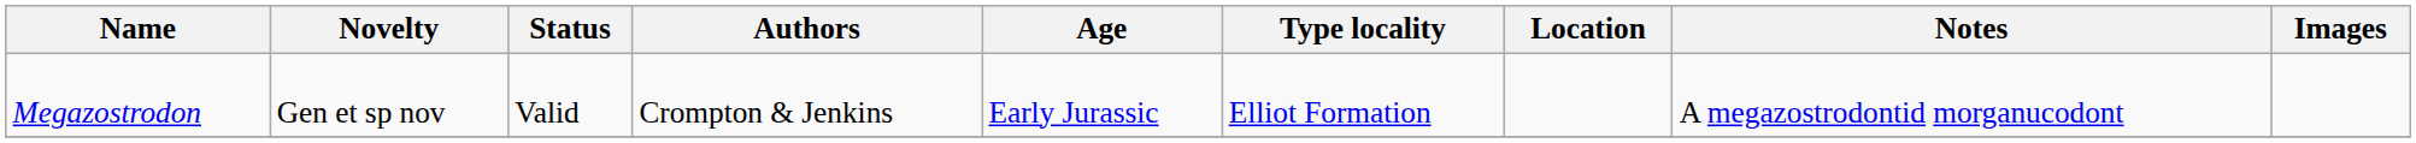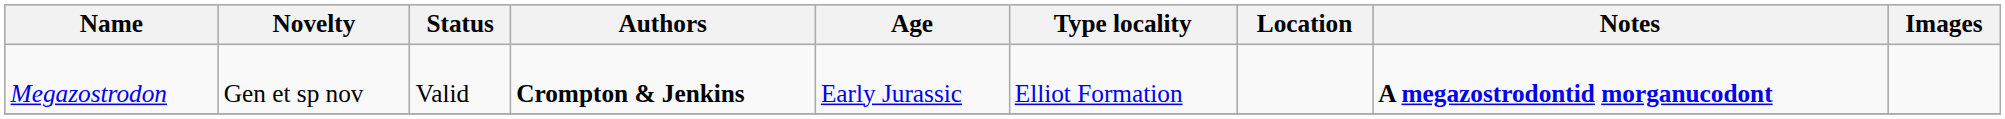 <table class="wikitable sortable" align="center" width="100%">
 <tr>
 <th>Name</th>
 <th>Novelty</th>
 <th>Status</th>
 <th>Authors</th>
 <th>Age</th>
 <th>Type locality</th>
 <th>Location</th>
 <th>Notes</th>
 <th>Images</th>
 </tr>
 <tr>
 <td><br><em><a href='#'>Megazostrodon</a></em></td>
 <td><br>Gen et sp nov</td>
 <td><br>Valid</td>
-<td><br>Crompton & Jenkins</td>
+<td><strong><br>Crompton & Jenkins</strong></td>
 <td><br><a href='#'>Early Jurassic</a></td>
 <td><br><a href='#'>Elliot Formation</a></td>
 <td><br></td>
-<td><br>A <a href='#'>megazostrodontid</a> <a href='#'>morganucodont</a></td>
+<td><strong><br>A <a href='#'>megazostrodontid</a> <a href='#'>morganucodont</a></strong></td>
 <td><br></td>
 </tr>
 <tr>
 </tr>
 </table>
